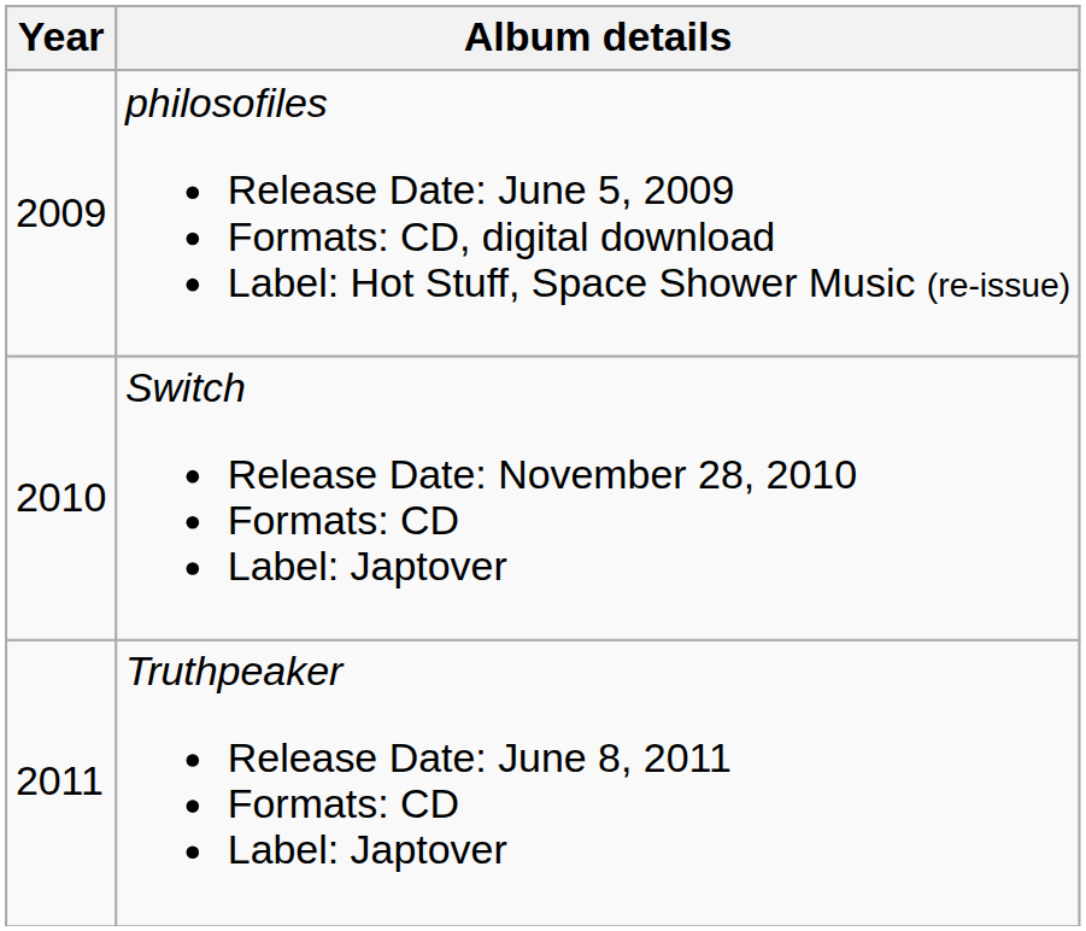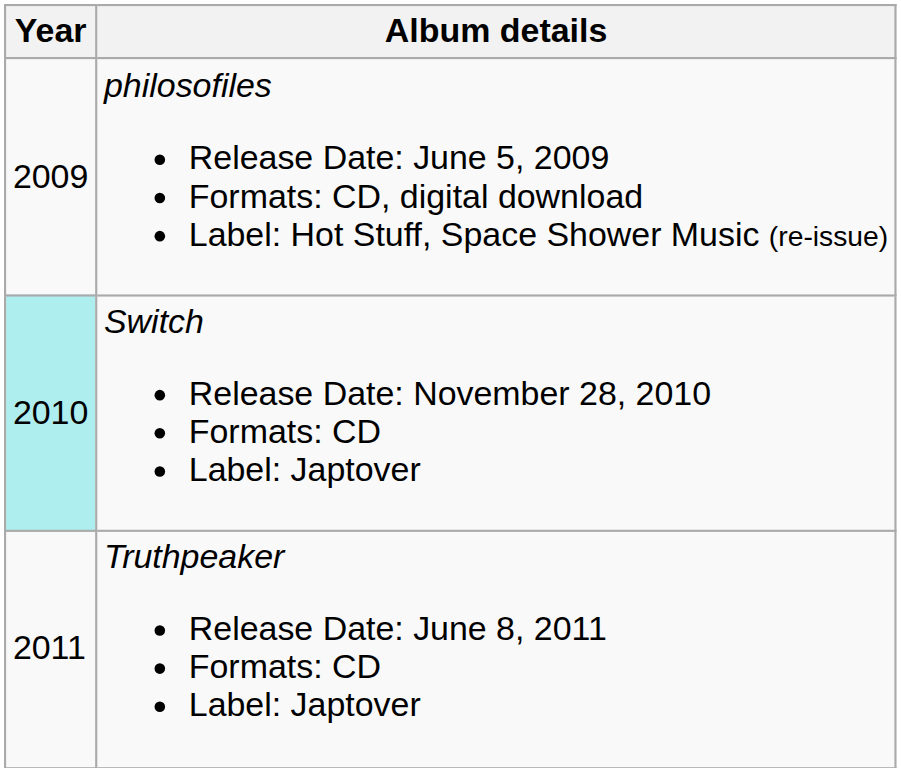 <table class="wikitable">
 <tr>
 <th>Year</th>
 <th>Album details</th>
 </tr>
 <tr>
 <td>2009</td>
 <td><em>philosofiles</em><br><ul><li>Release Date: June 5, 2009</li><li>Formats: CD, digital download</li><li>Label: Hot Stuff, Space Shower Music <small>(re-issue)</small></li></ul></td>
 </tr>
 <tr>
-<td>2010</td>
+<td style="background: paleturquoise;">2010</td>
 <td><em>Switch</em><br><ul><li>Release Date: November 28, 2010</li><li>Formats: CD</li><li>Label: Japtover</li></ul></td>
 </tr>
 <tr>
 <td>2011</td>
 <td><em>Truthpeaker</em><br><ul><li>Release Date: June 8, 2011</li><li>Formats: CD</li><li>Label: Japtover</li></ul></td>
 </tr>
 </table>
